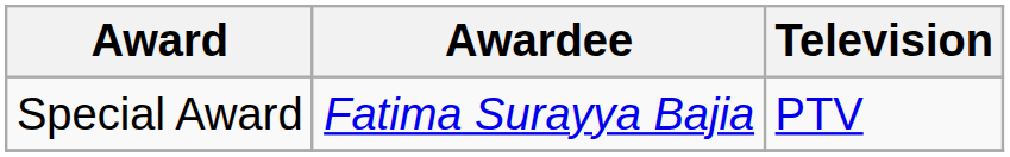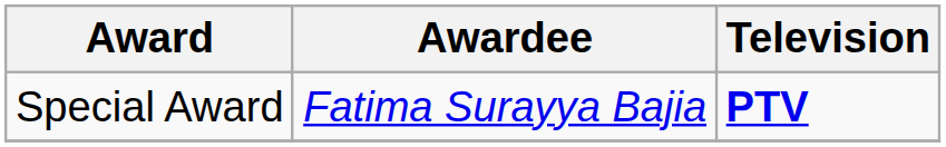 <table class="wikitable">
 <tr>
 <th>Award</th>
 <th>Awardee</th>
 <th>Television</th>
 </tr>
 <tr>
 <td>Special Award</td>
 <td><em><a href='#'>Fatima Surayya Bajia</a></em></td>
-<td><a href='#'>PTV</a></td>
+<td><strong><a href='#'>PTV</a></strong></td>
 </tr>
 <tr>
 </tr>
 </table>
